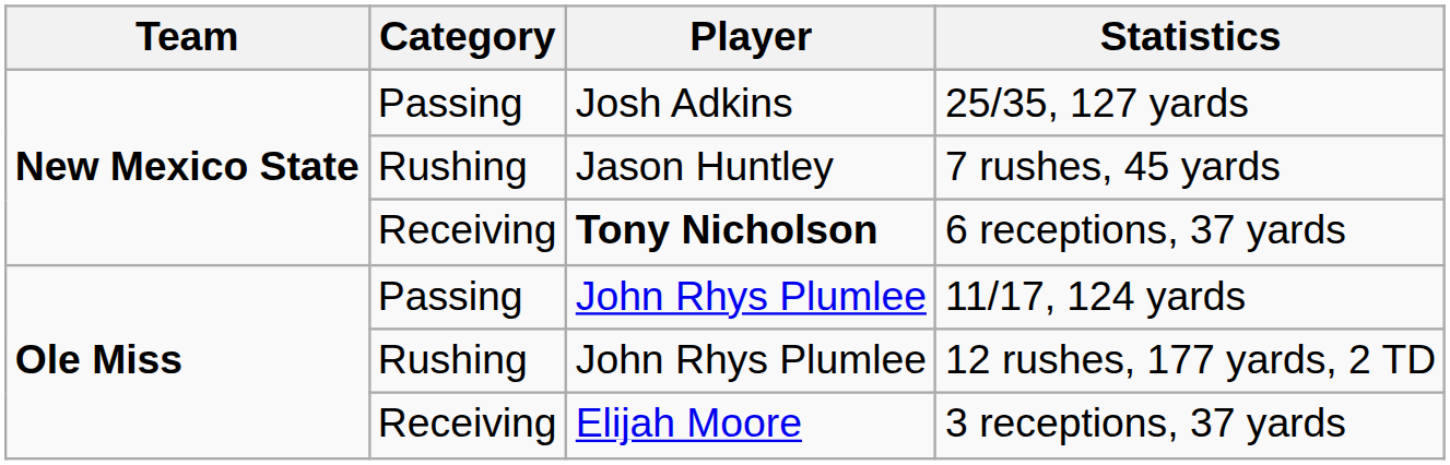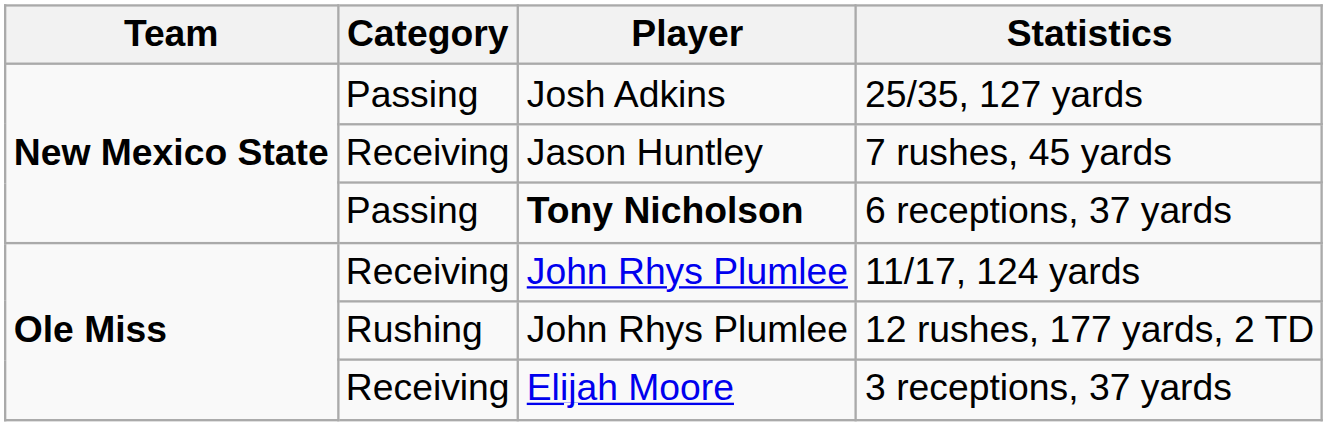 <table class="wikitable" style="float: left;">
 <tr>
 <th>Team</th>
 <th>Category</th>
 <th>Player</th>
 <th>Statistics</th>
 </tr>
 <tr>
 <td rowspan=3><strong>New Mexico State</strong></td>
 <td>Passing</td>
 <td>Josh Adkins</td>
 <td>25/35, 127 yards</td>
 </tr>
 <tr>
-<td>Rushing</td>
+<td>Receiving</td>
 <td>Jason Huntley</td>
 <td>7 rushes, 45 yards</td>
 </tr>
 <tr>
-<td>Receiving</td>
+<td>Passing</td>
 <td><strong>Tony Nicholson</strong></td>
 <td>6 receptions, 37 yards</td>
 </tr>
 <tr>
 <td rowspan=3><strong>Ole Miss</strong></td>
-<td>Passing</td>
+<td>Receiving</td>
 <td><a href='#'>John Rhys Plumlee</a></td>
 <td>11/17, 124 yards</td>
 </tr>
 <tr>
 <td>Rushing</td>
 <td>John Rhys Plumlee</td>
 <td>12 rushes, 177 yards, 2 TD</td>
 </tr>
 <tr>
 <td>Receiving</td>
 <td><a href='#'>Elijah Moore</a></td>
 <td>3 receptions, 37 yards</td>
 </tr>
 </table>
